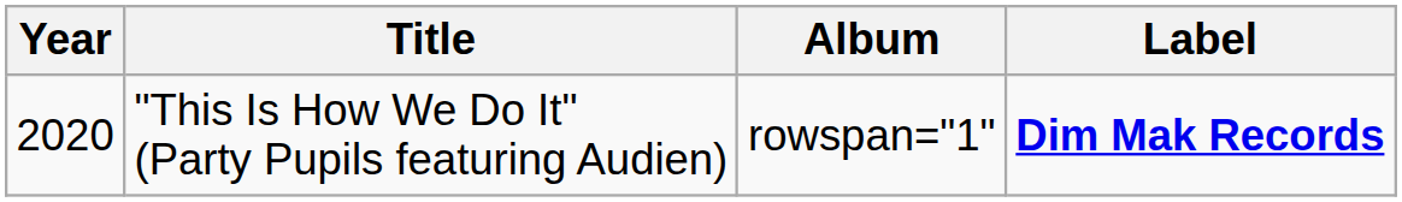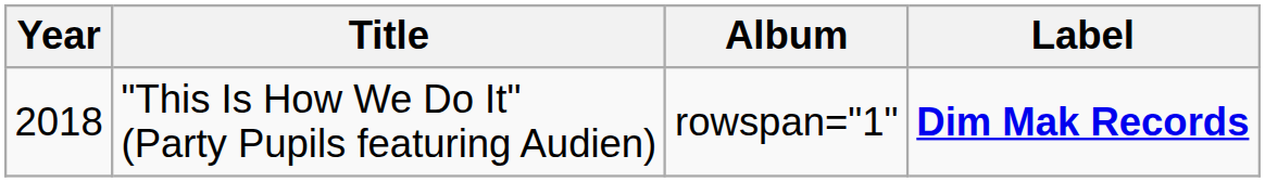 <table class="wikitable">
 <tr>
 <th>Year</th>
 <th>Title</th>
 <th>Album</th>
 <th>Label</th>
 </tr>
 <tr>
-<td>2020</td>
+<td>2018</td>
 <td>"This Is How We Do It" <br><span>(Party Pupils featuring Audien)</span></td>
 <td>rowspan="1" </td>
 <td><strong><a href='#'>Dim Mak Records</a></strong></td>
 </tr>
 </table>
